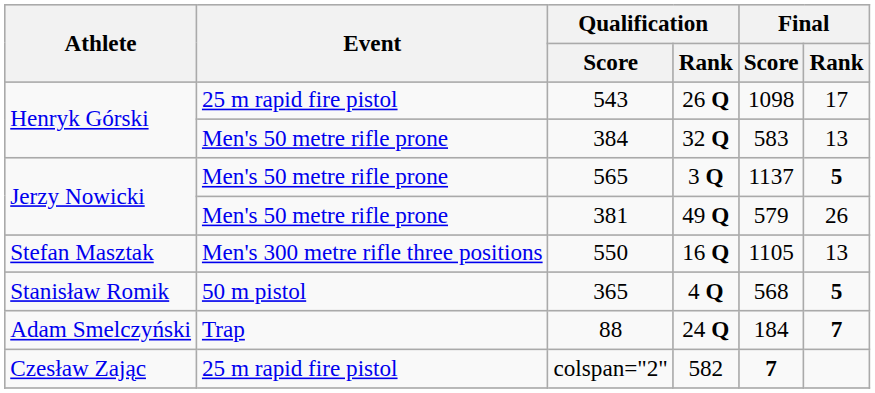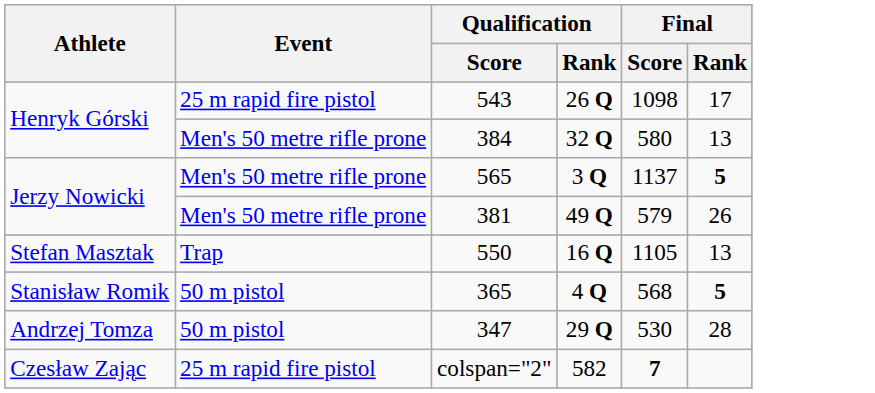 <table class="wikitable" style="font-size:90%">
 <tr>
 <th rowspan="2">Athlete</th>
 <th rowspan="2">Event</th>
 <th colspan="2">Qualification</th>
 <th colspan="2">Final</th>
 </tr>
 <tr>
 <th>Score</th>
 <th>Rank</th>
 <th>Score</th>
 <th>Rank</th>
 </tr>
 <tr>
 <td rowspan=2><a href='#'>Henryk Górski</a></td>
 <td><a href='#'>25 m rapid fire pistol</a></td>
 <td align="center">543</td>
 <td align="center">26 <strong>Q</strong></td>
 <td align="center">1098</td>
 <td align="center">17</td>
 </tr>
 <tr>
 <td><a href='#'>Men's 50 metre rifle prone</a></td>
 <td align="center">384</td>
 <td align="center">32 <strong>Q</strong></td>
-<td align="center">583</td>
+<td align="center">580</td>
 <td align="center">13</td>
 </tr>
 <tr>
 <td rowspan=2><a href='#'>Jerzy Nowicki</a></td>
 <td><a href='#'>Men's 50 metre rifle prone</a></td>
 <td align="center">565</td>
 <td align="center">3 <strong>Q</strong></td>
 <td align="center">1137</td>
 <td align="center"><strong>5</strong></td>
 </tr>
 <tr>
 <td><a href='#'>Men's 50 metre rifle prone</a></td>
 <td align="center">381</td>
 <td align="center">49 <strong>Q</strong></td>
 <td align="center">579</td>
 <td align="center">26</td>
 </tr>
 <tr>
 <td rowspan=1><a href='#'>Stefan Masztak</a></td>
-<td><a href='#'>Men's 300 metre rifle three positions</a></td>
+<td><a href='#'>Trap</a></td>
 <td align="center">550</td>
 <td align="center">16 <strong>Q</strong></td>
 <td align="center">1105</td>
 <td align="center">13</td>
 </tr>
 <tr>
 <td rowspan=1><a href='#'>Stanisław Romik</a></td>
 <td><a href='#'>50 m pistol</a></td>
 <td align="center">365</td>
 <td align="center">4 <strong>Q</strong></td>
 <td align="center">568</td>
 <td align="center"><strong>5</strong></td>
 </tr>
 <tr>
-<td><a href='#'>Adam Smelczyński</a></td>
-<td><a href='#'>Trap</a></td>
-<td align="center">88</td>
-<td align="center">24 <strong>Q</strong></td>
-<td align="center">184</td>
-<td align="center"><strong>7</strong></td>
+<td rowspan=1><a href='#'>Andrzej Tomza</a></td>
+<td><a href='#'>50 m pistol</a></td>
+<td align="center">347</td>
+<td align="center">29 <strong>Q</strong></td>
+<td align="center">530</td>
+<td align="center">28</td>
 </tr>
 <tr>
 <td><a href='#'>Czesław Zając</a></td>
 <td><a href='#'>25 m rapid fire pistol</a></td>
 <td>colspan="2"  </td>
 <td align="center">582</td>
 <td align="center"><strong>7</strong></td>
 </tr>
 </table>
